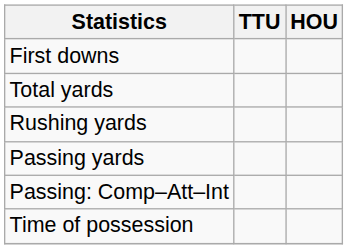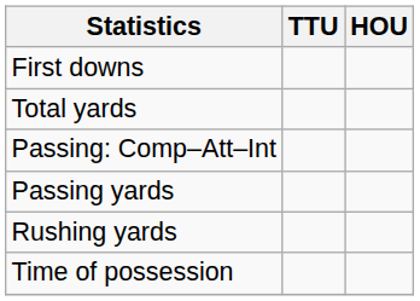 <table class="wikitable" style="float: left;">
 <tr>
 <th>Statistics</th>
 <th>TTU</th>
 <th>HOU</th>
 </tr>
 <tr>
 <td>First downs</td>
 <td></td>
 <td></td>
 </tr>
 <tr>
 <td>Total yards</td>
 <td></td>
 <td></td>
 </tr>
 <tr>
-<td>Rushing yards</td>
+<td>Passing: Comp–Att–Int</td>
 <td></td>
 <td></td>
 </tr>
 <tr>
 <td>Passing yards</td>
 <td></td>
 <td></td>
 </tr>
 <tr>
-<td>Passing: Comp–Att–Int</td>
+<td>Rushing yards</td>
 <td></td>
 <td></td>
 </tr>
 <tr>
 <td>Time of possession</td>
 <td></td>
 <td></td>
 </tr>
 <tr>
 </tr>
 </table>
